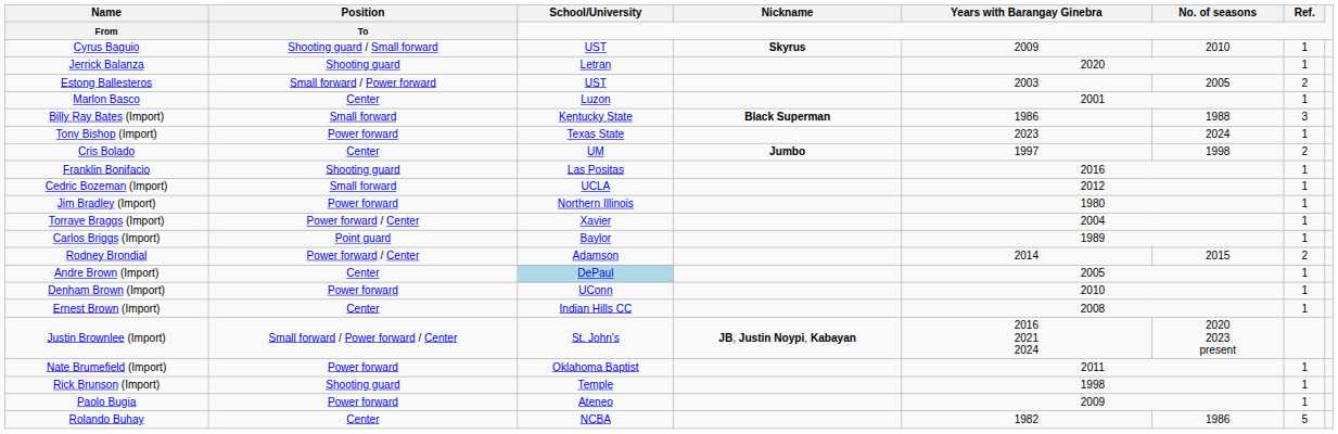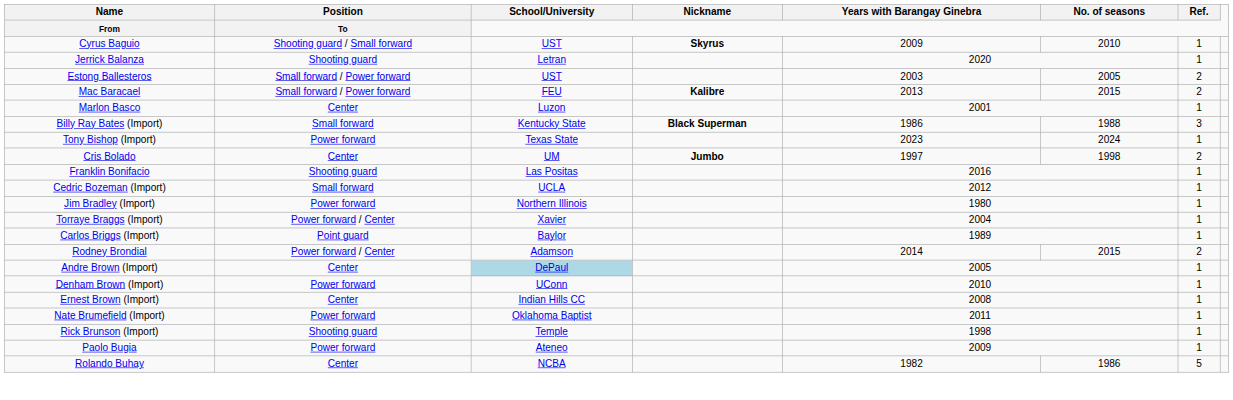 <table class="wikitable sortable" style="text-align:center" width="98%">
 <tr>
 <th>Name</th>
 <th>Position</th>
 <th>School/University</th>
 <th>Nickname</th>
 <th>Years with Barangay Ginebra</th>
 <th>No. of seasons</th>
 <th>Ref.</th>
 </tr>
 <tr>
 <th><small>From</small></th>
 <th><small>To</small></th>
 </tr>
 <tr>
 <td><a href='#'>Cyrus Baguio</a></td>
 <td><a href='#'>Shooting guard</a> / <a href='#'>Small forward</a></td>
 <td><a href='#'>UST</a></td>
 <td><strong>Skyrus</strong></td>
 <td>2009</td>
 <td>2010</td>
 <td>1</td>
 <td></td>
 </tr>
 <tr>
 <td><a href='#'>Jerrick Balanza</a></td>
 <td><a href='#'>Shooting guard</a></td>
 <td><a href='#'>Letran</a></td>
 <td></td>
 <td colspan="2">2020</td>
 <td>1</td>
 <td></td>
 </tr>
 <tr>
 <td><a href='#'>Estong Ballesteros</a></td>
 <td><a href='#'>Small forward</a> / <a href='#'>Power forward</a></td>
 <td><a href='#'>UST</a></td>
 <td></td>
 <td>2003</td>
 <td>2005</td>
+<td>2</td>
+<td></td>
+</tr>
+<tr>
+<td><a href='#'>Mac Baracael</a></td>
+<td><a href='#'>Small forward</a> / <a href='#'>Power forward</a></td>
+<td><a href='#'>FEU</a></td>
+<td><strong>Kalibre</strong></td>
+<td>2013</td>
+<td>2015</td>
 <td>2</td>
 <td></td>
 </tr>
 <tr>
 <td><a href='#'>Marlon Basco</a></td>
 <td><a href='#'>Center</a></td>
 <td><a href='#'>Luzon</a></td>
 <td></td>
 <td colspan="2">2001</td>
 <td>1</td>
 <td></td>
 </tr>
 <tr>
 <td><a href='#'>Billy Ray Bates</a> (Import)</td>
 <td><a href='#'>Small forward</a></td>
 <td><a href='#'>Kentucky State</a></td>
 <td><strong>Black Superman</strong></td>
 <td>1986</td>
 <td>1988</td>
 <td>3</td>
 <td></td>
 </tr>
 <tr>
 <td><a href='#'>Tony Bishop</a> (Import)</td>
 <td><a href='#'>Power forward</a></td>
 <td><a href='#'>Texas State</a></td>
 <td></td>
 <td>2023</td>
 <td>2024</td>
 <td>1</td>
 <td></td>
 </tr>
 <tr>
 <td><a href='#'>Cris Bolado</a></td>
 <td><a href='#'>Center</a></td>
 <td><a href='#'>UM</a></td>
 <td><strong>Jumbo</strong></td>
 <td>1997</td>
 <td>1998</td>
 <td>2</td>
 <td></td>
 </tr>
 <tr>
 <td><a href='#'>Franklin Bonifacio</a></td>
 <td><a href='#'>Shooting guard</a></td>
 <td><a href='#'>Las Positas</a></td>
 <td></td>
 <td colspan="2">2016</td>
 <td>1</td>
 <td></td>
 </tr>
 <tr>
 <td><a href='#'>Cedric Bozeman</a> (Import)</td>
 <td><a href='#'>Small forward</a></td>
 <td><a href='#'>UCLA</a></td>
 <td></td>
 <td colspan="2">2012</td>
 <td>1</td>
 <td></td>
 </tr>
 <tr>
 <td><a href='#'>Jim Bradley</a> (Import)</td>
 <td><a href='#'>Power forward</a></td>
 <td><a href='#'>Northern Illinois</a></td>
 <td></td>
 <td colspan="2">1980</td>
 <td>1</td>
 <td></td>
 </tr>
 <tr>
 <td><a href='#'>Torraye Braggs</a> (Import)</td>
 <td><a href='#'>Power forward</a> / <a href='#'>Center</a></td>
 <td><a href='#'>Xavier</a></td>
 <td></td>
 <td colspan="2">2004</td>
 <td>1</td>
 <td></td>
 </tr>
 <tr>
 <td><a href='#'>Carlos Briggs</a> (Import)</td>
 <td><a href='#'>Point guard</a></td>
 <td><a href='#'>Baylor</a></td>
 <td></td>
 <td colspan="2">1989</td>
 <td>1</td>
 <td></td>
 </tr>
 <tr>
 <td><a href='#'>Rodney Brondial</a></td>
 <td><a href='#'>Power forward</a> / <a href='#'>Center</a></td>
 <td><a href='#'>Adamson</a></td>
 <td></td>
 <td>2014</td>
 <td>2015</td>
 <td>2</td>
 <td></td>
 </tr>
 <tr>
 <td><a href='#'>Andre Brown</a> (Import)</td>
 <td><a href='#'>Center</a></td>
 <td style="background: lightblue;"><a href='#'>DePaul</a></td>
 <td></td>
 <td colspan="2">2005</td>
 <td>1</td>
 <td></td>
 </tr>
 <tr>
 <td><a href='#'>Denham Brown</a> (Import)</td>
 <td><a href='#'>Power forward</a></td>
 <td><a href='#'>UConn</a></td>
 <td></td>
 <td colspan="2">2010</td>
 <td>1</td>
 <td></td>
 </tr>
 <tr>
 <td><a href='#'>Ernest Brown</a> (Import)</td>
 <td><a href='#'>Center</a></td>
 <td><a href='#'>Indian Hills CC</a></td>
 <td></td>
 <td colspan="2">2008</td>
 <td>1</td>
 <td></td>
 </tr>
 <tr>
-<td><a href='#'>Justin Brownlee</a> (Import)</td>
-<td><a href='#'>Small forward</a> / <a href='#'>Power forward</a> / <a href='#'>Center</a></td>
-<td><a href='#'>St. John's</a></td>
-<td><strong>JB</strong>, <strong>Justin Noypi</strong>, <strong>Kabayan</strong></td>
-<td>2016<br>2021<br>2024</td>
-<td>2020<br>2023<br>present</td>
-<td></td>
-<td></td>
-</tr>
-<tr>
 <td><a href='#'>Nate Brumefield</a> (Import)</td>
 <td><a href='#'>Power forward</a></td>
 <td><a href='#'>Oklahoma Baptist</a></td>
 <td></td>
 <td colspan="2">2011</td>
 <td>1</td>
 <td></td>
 </tr>
 <tr>
 <td><a href='#'>Rick Brunson</a> (Import)</td>
 <td><a href='#'>Shooting guard</a></td>
 <td><a href='#'>Temple</a></td>
 <td></td>
 <td colspan="2">1998</td>
 <td>1</td>
 <td></td>
 </tr>
 <tr>
 <td><a href='#'>Paolo Bugia</a></td>
 <td><a href='#'>Power forward</a></td>
 <td><a href='#'>Ateneo</a></td>
 <td></td>
 <td colspan="2">2009</td>
 <td>1</td>
 <td></td>
 </tr>
 <tr>
 <td><a href='#'>Rolando Buhay</a></td>
 <td><a href='#'>Center</a></td>
 <td><a href='#'>NCBA</a></td>
 <td></td>
 <td>1982</td>
 <td>1986</td>
 <td>5</td>
 <td></td>
 </tr>
 </table>
